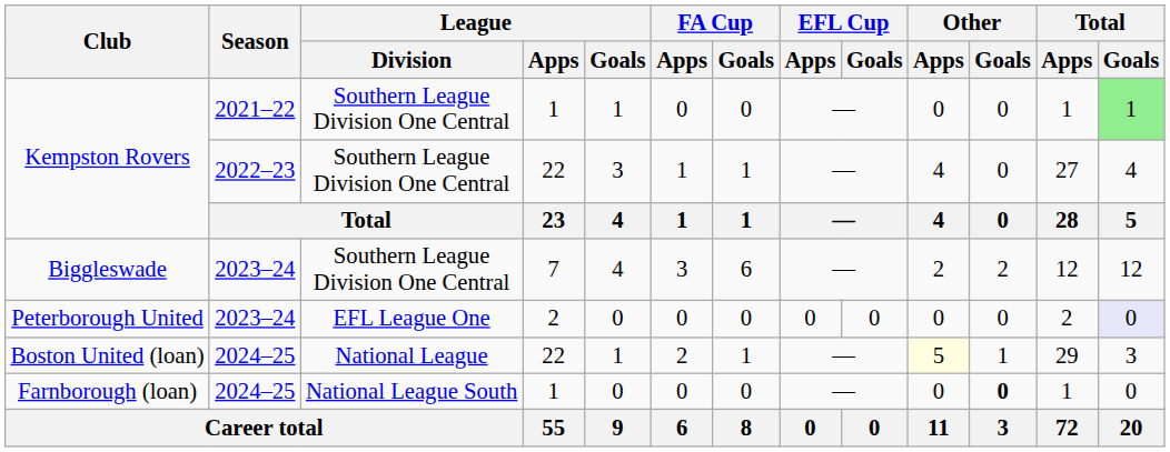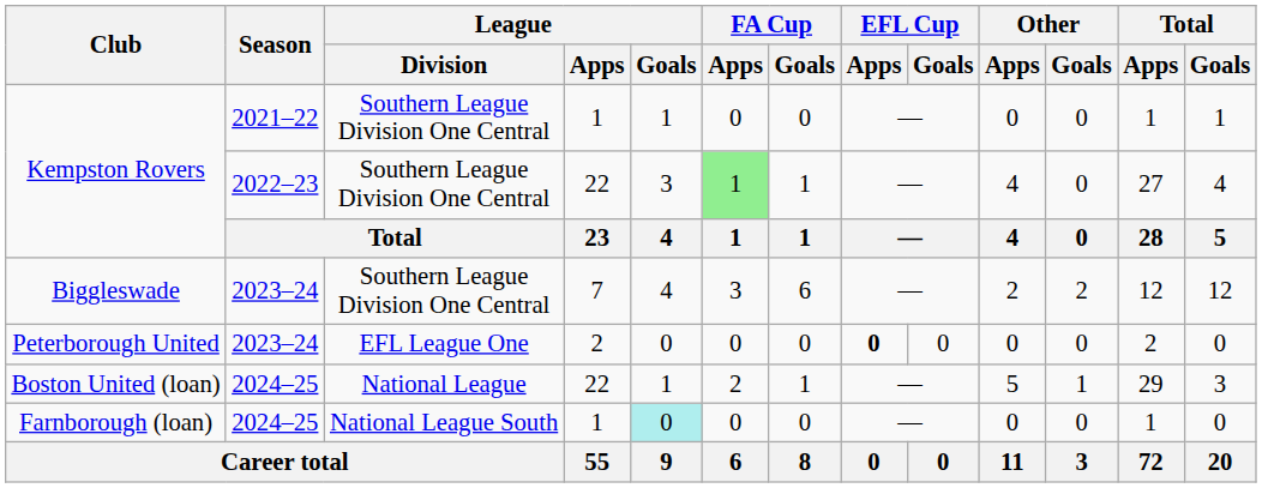 <table class="wikitable" style="text-align:center;">
 <tr>
 <th rowspan="2">Club</th>
 <th rowspan="2">Season</th>
 <th colspan="3">League</th>
 <th colspan="2"><a href='#'>FA Cup</a></th>
 <th colspan="2"><a href='#'>EFL Cup</a></th>
 <th colspan="2">Other</th>
 <th colspan="2">Total</th>
 </tr>
 <tr>
 <th>Division</th>
 <th>Apps</th>
 <th>Goals</th>
 <th>Apps</th>
 <th>Goals</th>
 <th>Apps</th>
 <th>Goals</th>
 <th>Apps</th>
 <th>Goals</th>
 <th>Apps</th>
 <th>Goals</th>
 </tr>
 <tr>
 <td rowspan="3"><a href='#'>Kempston Rovers</a></td>
 <td><a href='#'>2021–22</a></td>
 <td><a href='#'>Southern League</a><br>Division One Central</td>
 <td>1</td>
 <td>1</td>
 <td>0</td>
 <td>0</td>
 <td colspan="2">—</td>
 <td>0</td>
 <td>0</td>
 <td>1</td>
-<td style="background: lightgreen;">1</td>
+<td>1</td>
 </tr>
 <tr>
 <td><a href='#'>2022–23</a></td>
 <td>Southern League<br>Division One Central</td>
 <td>22</td>
 <td>3</td>
-<td>1</td>
+<td style="background: lightgreen;">1</td>
 <td>1</td>
 <td colspan="2">—</td>
 <td>4</td>
 <td>0</td>
 <td>27</td>
 <td>4</td>
 </tr>
 <tr>
 <th colspan="2">Total</th>
 <th>23</th>
 <th>4</th>
 <th>1</th>
 <th>1</th>
 <th colspan="2">—</th>
 <th>4</th>
 <th>0</th>
 <th>28</th>
 <th>5</th>
 </tr>
 <tr>
 <td><a href='#'>Biggleswade</a></td>
 <td><a href='#'>2023–24</a></td>
 <td>Southern League<br>Division One Central</td>
 <td>7</td>
 <td>4</td>
 <td>3</td>
 <td>6</td>
 <td colspan="2">—</td>
 <td>2</td>
 <td>2</td>
 <td>12</td>
 <td>12</td>
 </tr>
 <tr>
 <td><a href='#'>Peterborough United</a></td>
 <td><a href='#'>2023–24</a></td>
 <td><a href='#'>EFL League One</a></td>
 <td>2</td>
 <td>0</td>
 <td>0</td>
 <td>0</td>
-<td>0</td>
+<td><strong>0</strong></td>
 <td>0</td>
 <td>0</td>
 <td>0</td>
 <td>2</td>
-<td style="background: lavender;">0</td>
+<td>0</td>
 </tr>
 <tr>
 <td><a href='#'>Boston United</a> (loan)</td>
 <td><a href='#'>2024–25</a></td>
 <td><a href='#'>National League</a></td>
 <td>22</td>
 <td>1</td>
 <td>2</td>
 <td>1</td>
 <td colspan="2">—</td>
-<td style="background: lightyellow;">5</td>
+<td>5</td>
 <td>1</td>
 <td>29</td>
 <td>3</td>
 </tr>
 <tr>
 <td><a href='#'>Farnborough</a> (loan)</td>
 <td><a href='#'>2024–25</a></td>
 <td><a href='#'>National League South</a></td>
 <td>1</td>
-<td>0</td>
+<td style="background: paleturquoise;">0</td>
 <td>0</td>
 <td>0</td>
 <td colspan="2">—</td>
 <td>0</td>
-<td><strong>0</strong></td>
+<td>0</td>
 <td>1</td>
 <td>0</td>
 </tr>
 <tr>
 <th colspan="3">Career total</th>
 <th>55</th>
 <th>9</th>
 <th>6</th>
 <th>8</th>
 <th>0</th>
 <th>0</th>
 <th>11</th>
 <th>3</th>
 <th>72</th>
 <th>20</th>
 </tr>
 </table>
